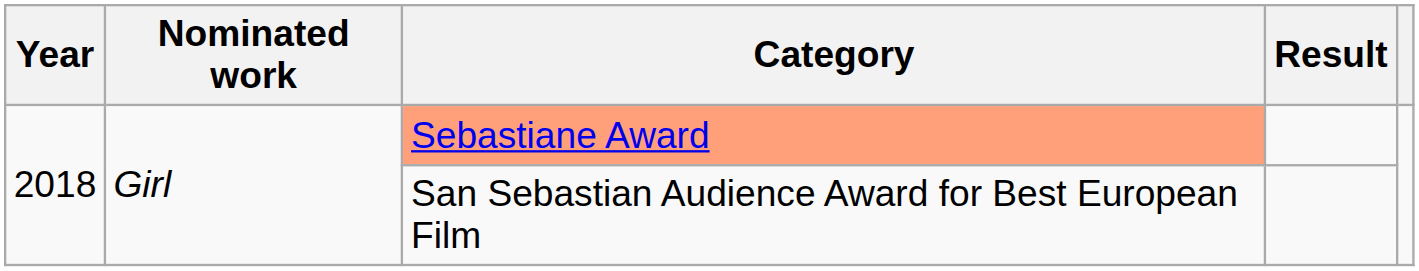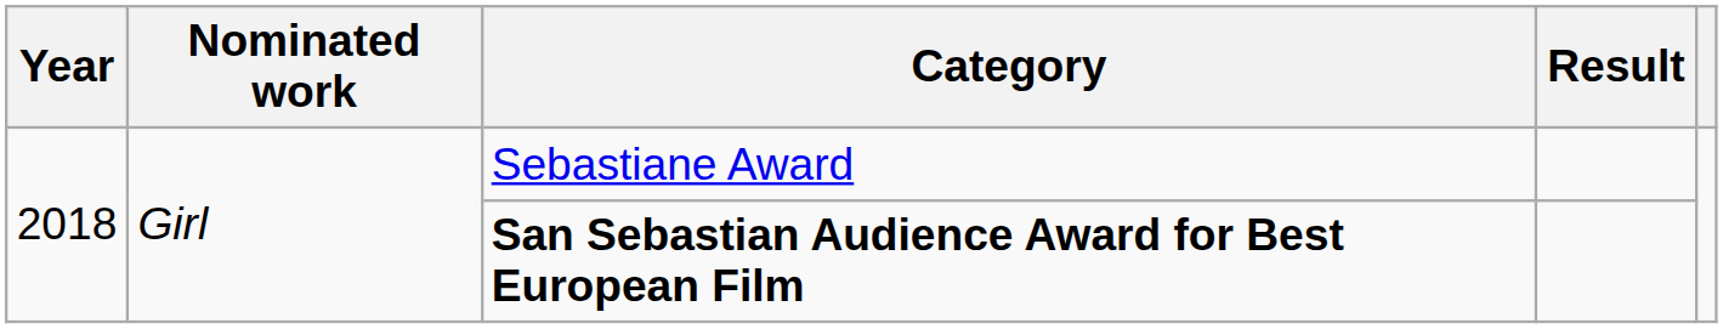 <table class="wikitable sortable">
 <tr>
 <th>Year</th>
 <th>Nominated work</th>
 <th>Category</th>
 <th>Result</th>
 <th class="unsortable"></th>
 </tr>
 <tr>
 <td rowspan="2">2018</td>
 <td rowspan="2"><em>Girl</em></td>
-<td style="background: lightsalmon;"><a href='#'>Sebastiane Award</a></td>
+<td><a href='#'>Sebastiane Award</a></td>
 <td></td>
 <td rowspan="2"></td>
 </tr>
 <tr>
-<td>San Sebastian Audience Award for Best European Film</td>
+<td><strong>San Sebastian Audience Award for Best European Film</strong></td>
 <td></td>
 </tr>
 </table>
